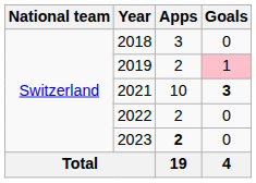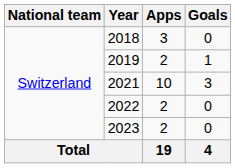 <table class="wikitable" style="text-align:center">
 <tr>
 <th>National team</th>
 <th>Year</th>
 <th>Apps</th>
 <th>Goals</th>
 </tr>
 <tr>
 <td rowspan="5"><a href='#'>Switzerland</a></td>
 <td>2018</td>
 <td>3</td>
 <td>0</td>
 </tr>
 <tr>
 <td>2019</td>
 <td>2</td>
-<td style="background: pink;">1</td>
+<td>1</td>
 </tr>
 <tr>
 <td>2021</td>
 <td>10</td>
-<td><strong>3</strong></td>
+<td>3</td>
 </tr>
 <tr>
 <td>2022</td>
 <td>2</td>
 <td>0</td>
 </tr>
 <tr>
 <td>2023</td>
-<td><strong>2</strong></td>
+<td>2</td>
 <td>0</td>
 </tr>
 <tr>
 <th colspan=2>Total</th>
 <th>19</th>
 <th>4</th>
 </tr>
 </table>
